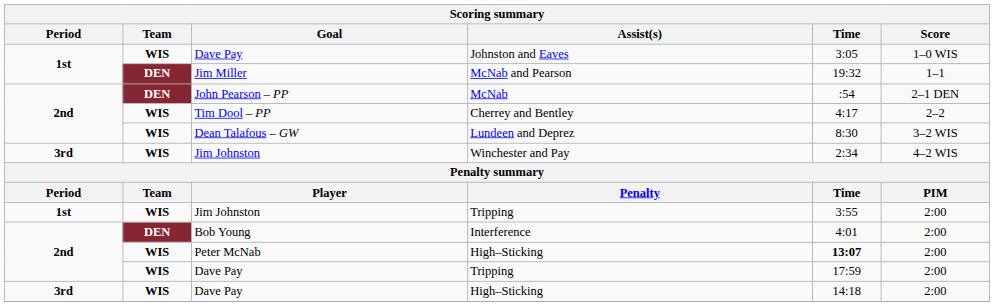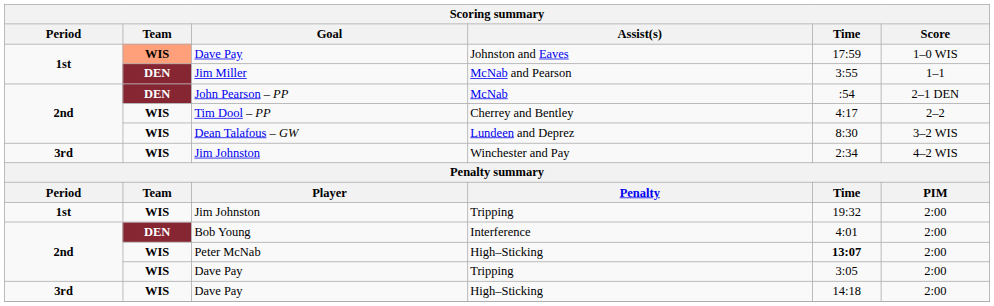 <table style="width:100%;" class="wikitable">
 <tr>
 <th colspan=6>Scoring summary</th>
 </tr>
 <tr>
 <th style="width:12%;">Period</th>
 <th style="width:7%;">Team</th>
 <th style="width:28%;">Goal</th>
 <th style="width:35%;">Assist(s)</th>
 <th style="width:7%;">Time</th>
 <th style="width:11%;">Score</th>
 </tr>
 <tr>
 <td style="text-align:center;" rowspan="2"><strong>1st</strong></td>
-<td align=center><strong>WIS</strong></td>
+<td align=center style="background: lightsalmon;"><strong>WIS</strong></td>
 <td><a href='#'>Dave Pay</a></td>
 <td>Johnston and <a href='#'>Eaves</a></td>
-<td align=center>3:05</td>
+<td align=center>17:59</td>
 <td align=center>1–0 WIS</td>
 </tr>
 <tr>
 <td align=center style="color:white; background:#862633; "><strong>DEN</strong></td>
 <td><a href='#'>Jim Miller</a></td>
 <td><a href='#'>McNab</a> and Pearson</td>
-<td align=center>19:32</td>
+<td align=center>3:55</td>
 <td align=center>1–1</td>
 </tr>
 <tr>
 <td style="text-align:center;" rowspan="3"><strong>2nd</strong></td>
 <td align=center style="color:white; background:#862633; "><strong>DEN</strong></td>
 <td><a href='#'>John Pearson</a> – <em>PP</em></td>
 <td><a href='#'>McNab</a></td>
 <td align=center>:54</td>
 <td align=center>2–1 DEN</td>
 </tr>
 <tr>
 <td align=center><strong>WIS</strong></td>
 <td><a href='#'>Tim Dool</a> – <em>PP</em></td>
 <td>Cherrey and Bentley</td>
 <td align=center>4:17</td>
 <td align=center>2–2</td>
 </tr>
 <tr>
 <td align=center><strong>WIS</strong></td>
 <td><a href='#'>Dean Talafous</a> – <em>GW</em></td>
 <td><a href='#'>Lundeen</a> and Deprez</td>
 <td align=center>8:30</td>
 <td align=center>3–2 WIS</td>
 </tr>
 <tr>
 <td style="text-align:center;" rowspan="1"><strong>3rd</strong></td>
 <td align=center><strong>WIS</strong></td>
 <td><a href='#'>Jim Johnston</a></td>
 <td>Winchester and Pay</td>
 <td align=center>2:34</td>
 <td align=center>4–2 WIS</td>
 </tr>
 <tr>
 <th colspan=6>Penalty summary</th>
 </tr>
 <tr>
 <th style="width:12%;">Period</th>
 <th style="width:7%;">Team</th>
 <th style="width:28%;">Player</th>
 <th style="width:35%;"><a href='#'>Penalty</a></th>
 <th style="width:7%;">Time</th>
 <th style="width:11%;">PIM</th>
 </tr>
 <tr>
 <td style="text-align:center;" rowspan="1"><strong>1st</strong></td>
 <td align=center><strong>WIS</strong></td>
 <td>Jim Johnston</td>
 <td>Tripping</td>
-<td align=center>3:55</td>
+<td align=center>19:32</td>
 <td align=center>2:00</td>
 </tr>
 <tr>
 <td style="text-align:center;" rowspan="3"><strong>2nd</strong></td>
 <td align=center style="color:white; background:#862633; "><strong>DEN</strong></td>
 <td>Bob Young</td>
 <td>Interference</td>
 <td align=center>4:01</td>
 <td align=center>2:00</td>
 </tr>
 <tr>
 <td align=center><strong>WIS</strong></td>
 <td>Peter McNab</td>
 <td>High–Sticking</td>
 <td align=center><strong>13:07</strong></td>
 <td align=center>2:00</td>
 </tr>
 <tr>
 <td align=center><strong>WIS</strong></td>
 <td>Dave Pay</td>
 <td>Tripping</td>
-<td align=center>17:59</td>
+<td align=center>3:05</td>
 <td align=center>2:00</td>
 </tr>
 <tr>
 <td style="text-align:center;" rowspan="1"><strong>3rd</strong></td>
 <td align=center><strong>WIS</strong></td>
 <td>Dave Pay</td>
 <td>High–Sticking</td>
 <td align=center>14:18</td>
 <td align=center>2:00</td>
 </tr>
 <tr>
 </tr>
 </table>
